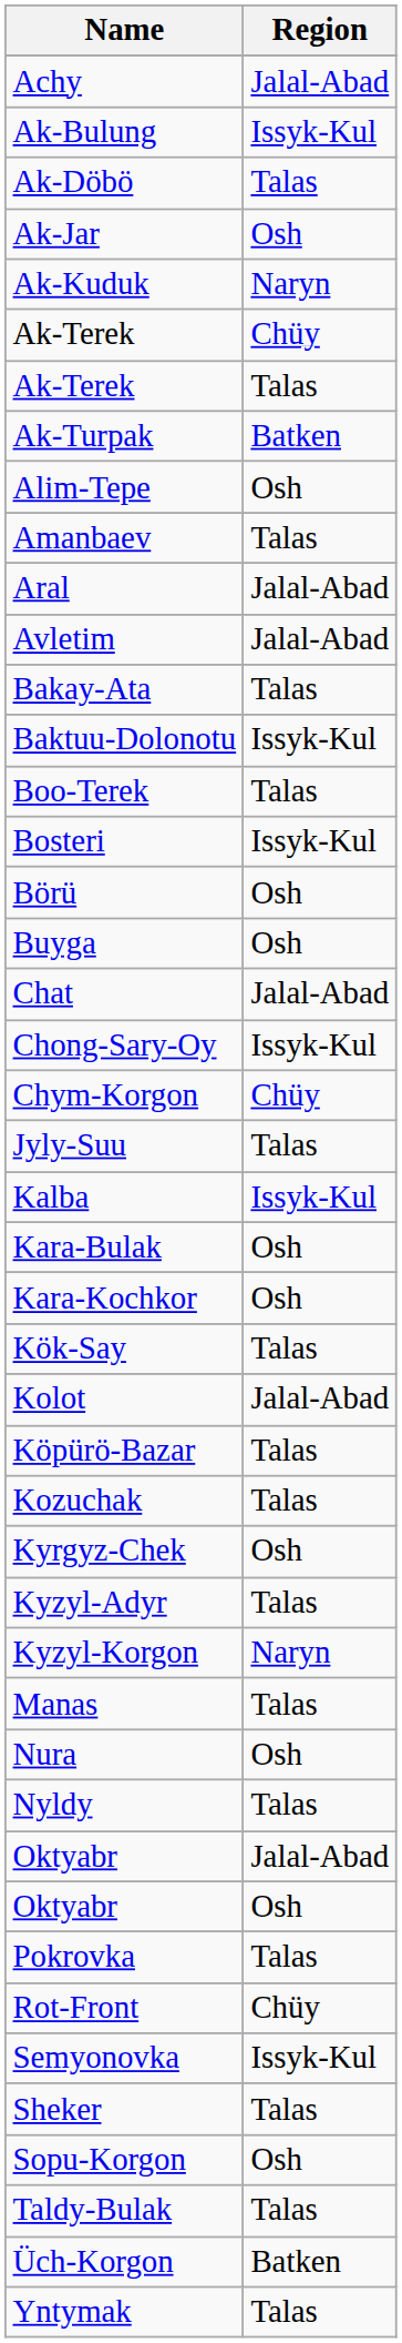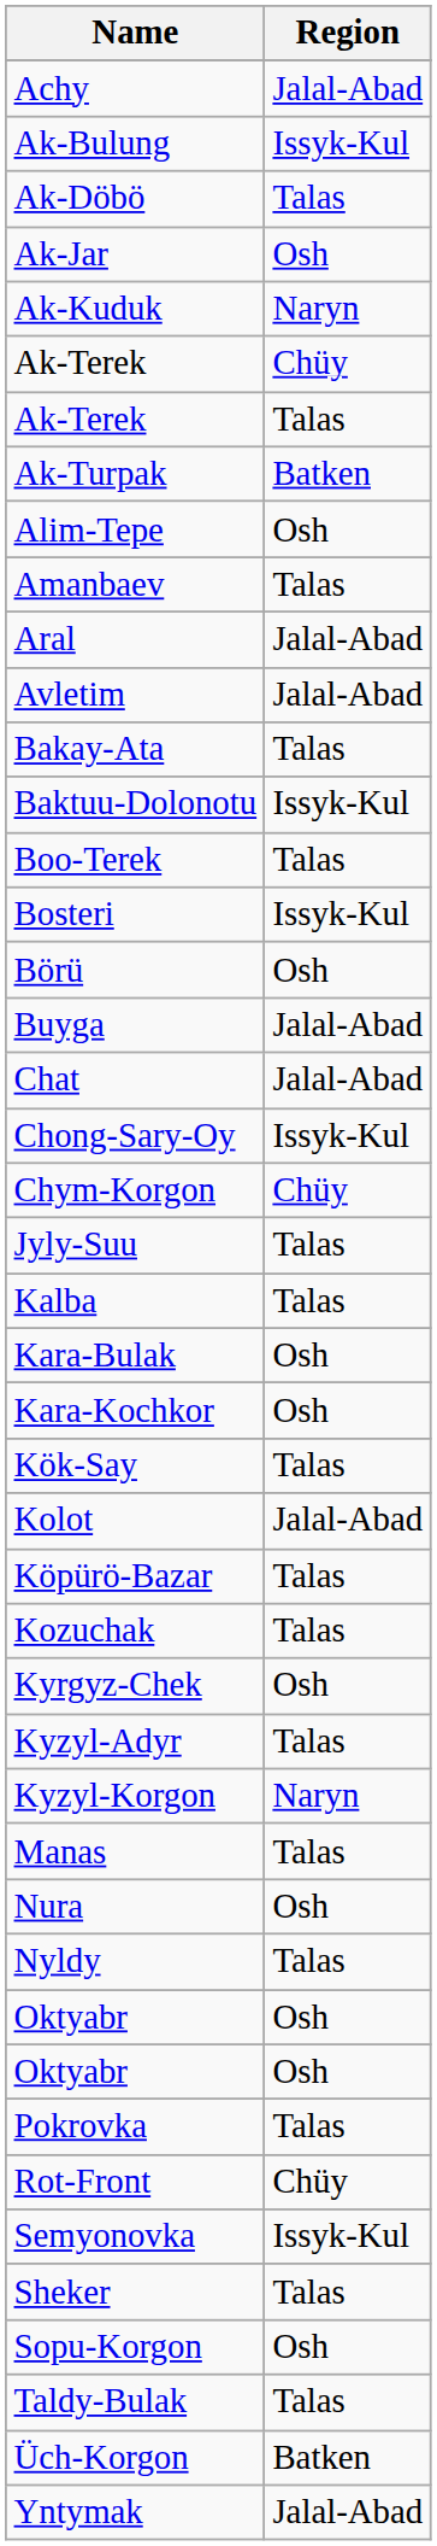 <table class="wikitable sortable">
 <tr>
 <th>Name</th>
 <th>Region</th>
 </tr>
 <tr>
 </tr>
 <tr>
 </tr>
 <tr>
 <td><a href='#'>Achy</a></td>
 <td><a href='#'>Jalal-Abad</a></td>
 </tr>
 <tr>
 <td><a href='#'>Ak-Bulung</a></td>
 <td><a href='#'>Issyk-Kul</a></td>
 </tr>
 <tr>
 <td><a href='#'>Ak-Döbö</a></td>
 <td><a href='#'>Talas</a></td>
 </tr>
 <tr>
 <td><a href='#'>Ak-Jar</a></td>
 <td><a href='#'>Osh</a></td>
 </tr>
 <tr>
 <td><a href='#'>Ak-Kuduk</a></td>
 <td><a href='#'>Naryn</a></td>
 </tr>
 <tr>
 <td>Ak-Terek</td>
 <td><a href='#'>Chüy</a></td>
 </tr>
 <tr>
 <td><a href='#'>Ak-Terek</a></td>
 <td>Talas</td>
 </tr>
 <tr>
 <td><a href='#'>Ak-Turpak</a></td>
 <td><a href='#'>Batken</a></td>
 </tr>
 <tr>
 <td><a href='#'>Alim-Tepe</a></td>
 <td>Osh</td>
 </tr>
 <tr>
 <td><a href='#'>Amanbaev</a></td>
 <td>Talas</td>
 </tr>
 <tr>
 <td><a href='#'>Aral</a></td>
 <td>Jalal-Abad</td>
 </tr>
 <tr>
 <td><a href='#'>Avletim</a></td>
 <td>Jalal-Abad</td>
 </tr>
 <tr>
 <td><a href='#'>Bakay-Ata</a></td>
 <td>Talas</td>
 </tr>
 <tr>
 <td><a href='#'>Baktuu-Dolonotu</a></td>
 <td>Issyk-Kul</td>
 </tr>
 <tr>
 <td><a href='#'>Boo-Terek</a></td>
 <td>Talas</td>
 </tr>
 <tr>
 <td><a href='#'>Bosteri</a></td>
 <td>Issyk-Kul</td>
 </tr>
 <tr>
 <td><a href='#'>Börü</a></td>
 <td>Osh</td>
 </tr>
 <tr>
 <td><a href='#'>Buyga</a></td>
-<td>Osh</td>
+<td>Jalal-Abad</td>
 </tr>
 <tr>
 <td><a href='#'>Chat</a></td>
 <td>Jalal-Abad</td>
 </tr>
 <tr>
 <td><a href='#'>Chong-Sary-Oy</a></td>
 <td>Issyk-Kul</td>
 </tr>
 <tr>
 <td><a href='#'>Chym-Korgon</a></td>
 <td><a href='#'>Chüy</a></td>
 </tr>
 <tr>
 <td><a href='#'>Jyly-Suu</a></td>
 <td>Talas</td>
 </tr>
 <tr>
 <td><a href='#'>Kalba</a></td>
-<td><a href='#'>Issyk-Kul</a></td>
+<td>Talas</td>
 </tr>
 <tr>
 <td><a href='#'>Kara-Bulak</a></td>
 <td>Osh</td>
 </tr>
 <tr>
 <td><a href='#'>Kara-Kochkor</a></td>
 <td>Osh</td>
 </tr>
 <tr>
 <td><a href='#'>Kök-Say</a></td>
 <td>Talas</td>
 </tr>
 <tr>
 <td><a href='#'>Kolot</a></td>
 <td>Jalal-Abad</td>
 </tr>
 <tr>
 <td><a href='#'>Köpürö-Bazar</a></td>
 <td>Talas</td>
 </tr>
 <tr>
 <td><a href='#'>Kozuchak</a></td>
 <td>Talas</td>
 </tr>
 <tr>
 <td><a href='#'>Kyrgyz-Chek</a></td>
 <td>Osh</td>
 </tr>
 <tr>
 <td><a href='#'>Kyzyl-Adyr</a></td>
 <td>Talas</td>
 </tr>
 <tr>
 <td><a href='#'>Kyzyl-Korgon</a></td>
 <td><a href='#'>Naryn</a></td>
 </tr>
 <tr>
 <td><a href='#'>Manas</a></td>
 <td>Talas</td>
 </tr>
 <tr>
 <td><a href='#'>Nura</a></td>
 <td>Osh</td>
 </tr>
 <tr>
 <td><a href='#'>Nyldy</a></td>
 <td>Talas</td>
 </tr>
 <tr>
 <td><a href='#'>Oktyabr</a></td>
-<td>Jalal-Abad</td>
+<td>Osh</td>
 </tr>
 <tr>
 <td><a href='#'>Oktyabr</a></td>
 <td>Osh</td>
 </tr>
 <tr>
 <td><a href='#'>Pokrovka</a></td>
 <td>Talas</td>
 </tr>
 <tr>
 <td><a href='#'>Rot-Front</a></td>
 <td>Chüy</td>
 </tr>
 <tr>
 <td><a href='#'>Semyonovka</a></td>
 <td>Issyk-Kul</td>
 </tr>
 <tr>
 <td><a href='#'>Sheker</a></td>
 <td>Talas</td>
 </tr>
 <tr>
 <td><a href='#'>Sopu-Korgon</a></td>
 <td>Osh</td>
 </tr>
 <tr>
 <td><a href='#'>Taldy-Bulak</a></td>
 <td>Talas</td>
 </tr>
 <tr>
 <td><a href='#'>Üch-Korgon</a></td>
 <td>Batken</td>
 </tr>
 <tr>
 <td><a href='#'>Yntymak</a></td>
-<td>Talas</td>
+<td>Jalal-Abad</td>
 </tr>
 </table>
